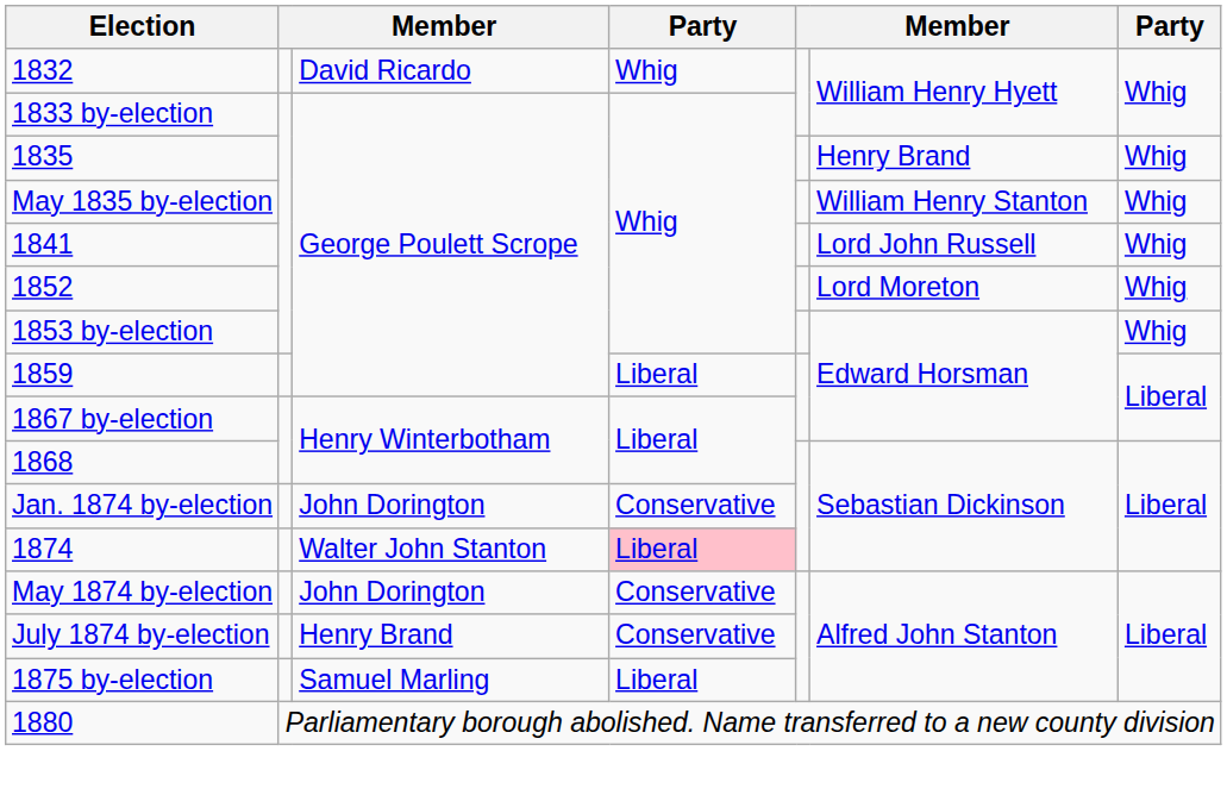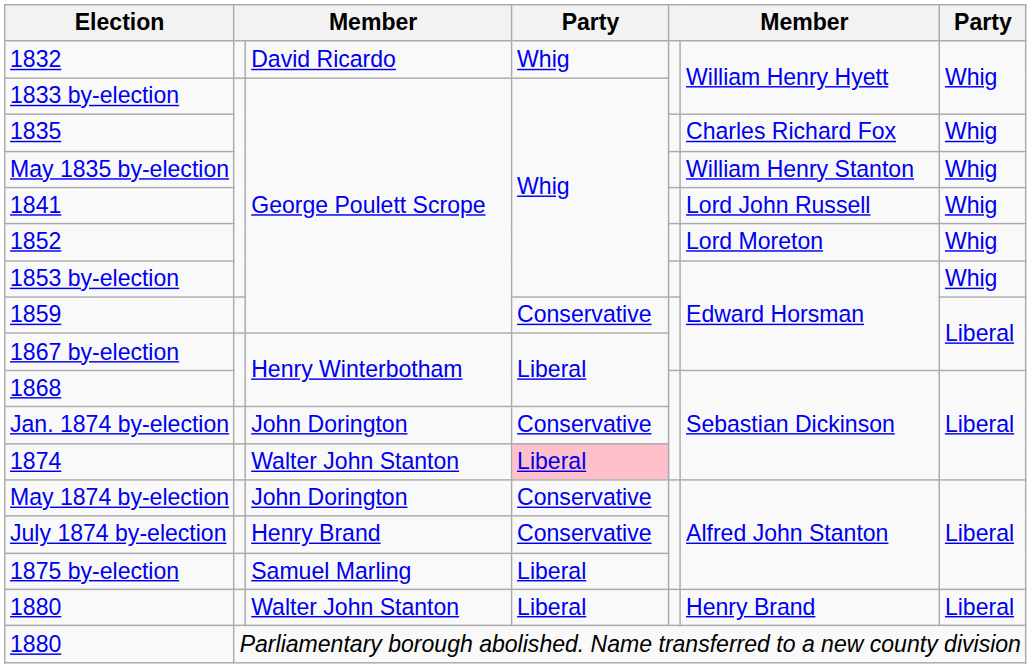 <table class="wikitable">
 <tr>
 <th>Election</th>
 <th colspan="2">Member</th>
 <th>Party</th>
 <th colspan="2">Member</th>
 <th>Party</th>
 </tr>
 <tr>
 <td><a href='#'>1832</a></td>
 <td style="color:inherit;background-color: "></td>
 <td><a href='#'>David Ricardo</a></td>
 <td><a href='#'>Whig</a></td>
 <td rowspan="2" style="color:inherit;background-color: "></td>
 <td rowspan="2"><a href='#'>William Henry Hyett</a></td>
 <td rowspan="2"><a href='#'>Whig</a></td>
 </tr>
 <tr>
 <td><a href='#'>1833 by-election</a></td>
 <td rowspan="6" style="color:inherit;background-color: "></td>
 <td rowspan="7"><a href='#'>George Poulett Scrope</a></td>
 <td rowspan="6"><a href='#'>Whig</a></td>
 </tr>
 <tr>
 <td><a href='#'>1835</a></td>
 <td style="color:inherit;background-color: "></td>
-<td><a href='#'>Henry Brand</a></td>
+<td><a href='#'>Charles Richard Fox</a></td>
 <td><a href='#'>Whig</a></td>
 </tr>
 <tr>
 <td><a href='#'>May 1835 by-election</a></td>
 <td style="color:inherit;background-color: "></td>
 <td><a href='#'>William Henry Stanton</a></td>
 <td><a href='#'>Whig</a></td>
 </tr>
 <tr>
 <td><a href='#'>1841</a></td>
 <td style="color:inherit;background-color: "></td>
 <td><a href='#'>Lord John Russell</a></td>
 <td><a href='#'>Whig</a></td>
 </tr>
 <tr>
 <td><a href='#'>1852</a></td>
 <td style="color:inherit;background-color: "></td>
 <td><a href='#'>Lord Moreton</a></td>
 <td><a href='#'>Whig</a></td>
 </tr>
 <tr>
 <td><a href='#'>1853 by-election</a></td>
 <td style="color:inherit;background-color: "></td>
 <td rowspan="3"><a href='#'>Edward Horsman</a></td>
 <td><a href='#'>Whig</a></td>
 </tr>
 <tr>
 <td><a href='#'>1859</a></td>
 <td style="color:inherit;background-color: "></td>
-<td><a href='#'>Liberal</a></td>
+<td><a href='#'>Conservative</a></td>
 <td rowspan="2" style="color:inherit;background-color: "></td>
 <td rowspan="2"><a href='#'>Liberal</a></td>
 </tr>
 <tr>
 <td><a href='#'>1867 by-election</a></td>
 <td rowspan="2" style="color:inherit;background-color: "></td>
 <td rowspan="2"><a href='#'>Henry Winterbotham</a></td>
 <td rowspan="2"><a href='#'>Liberal</a></td>
 </tr>
 <tr>
 <td><a href='#'>1868</a></td>
 <td rowspan="3" style="color:inherit;background-color: "></td>
 <td rowspan="3"><a href='#'>Sebastian Dickinson</a></td>
 <td rowspan="3"><a href='#'>Liberal</a></td>
 </tr>
 <tr>
 <td><a href='#'>Jan. 1874 by-election</a></td>
 <td style="color:inherit;background-color: "></td>
 <td><a href='#'>John Dorington</a></td>
 <td><a href='#'>Conservative</a></td>
 </tr>
 <tr>
 <td><a href='#'>1874</a></td>
 <td rowspan="1" style="color:inherit;background-color: "></td>
 <td rowspan="1"><a href='#'>Walter John Stanton</a></td>
 <td rowspan="1" style="background: pink;"><a href='#'>Liberal</a></td>
 </tr>
 <tr>
 <td><a href='#'>May 1874 by-election</a></td>
 <td style="color:inherit;background-color: "></td>
 <td><a href='#'>John Dorington</a></td>
 <td><a href='#'>Conservative</a></td>
 <td rowspan="3" style="color:inherit;background-color: "></td>
 <td rowspan="3"><a href='#'>Alfred John Stanton</a></td>
 <td rowspan="3"><a href='#'>Liberal</a></td>
 </tr>
 <tr>
 <td><a href='#'>July 1874 by-election</a></td>
 <td style="color:inherit;background-color: "></td>
 <td><a href='#'>Henry Brand</a></td>
 <td><a href='#'>Conservative</a></td>
 </tr>
 <tr>
 <td><a href='#'>1875 by-election</a></td>
 <td style="color:inherit;background-color: "></td>
 <td><a href='#'>Samuel Marling</a></td>
 <td><a href='#'>Liberal</a></td>
 </tr>
 <tr>
 <td><a href='#'>1880</a></td>
+<td style="color:inherit;background-color: "></td>
+<td><a href='#'>Walter John Stanton</a></td>
+<td><a href='#'>Liberal</a></td>
+<td style="color:inherit;background-color: "></td>
+<td><a href='#'>Henry Brand</a></td>
+<td><a href='#'>Liberal</a></td>
+</tr>
+<tr>
+<td><a href='#'>1880</a></td>
 <td colspan="6"><em>Parliamentary borough abolished. Name transferred to a new county division</em></td>
 </tr>
 </table>
